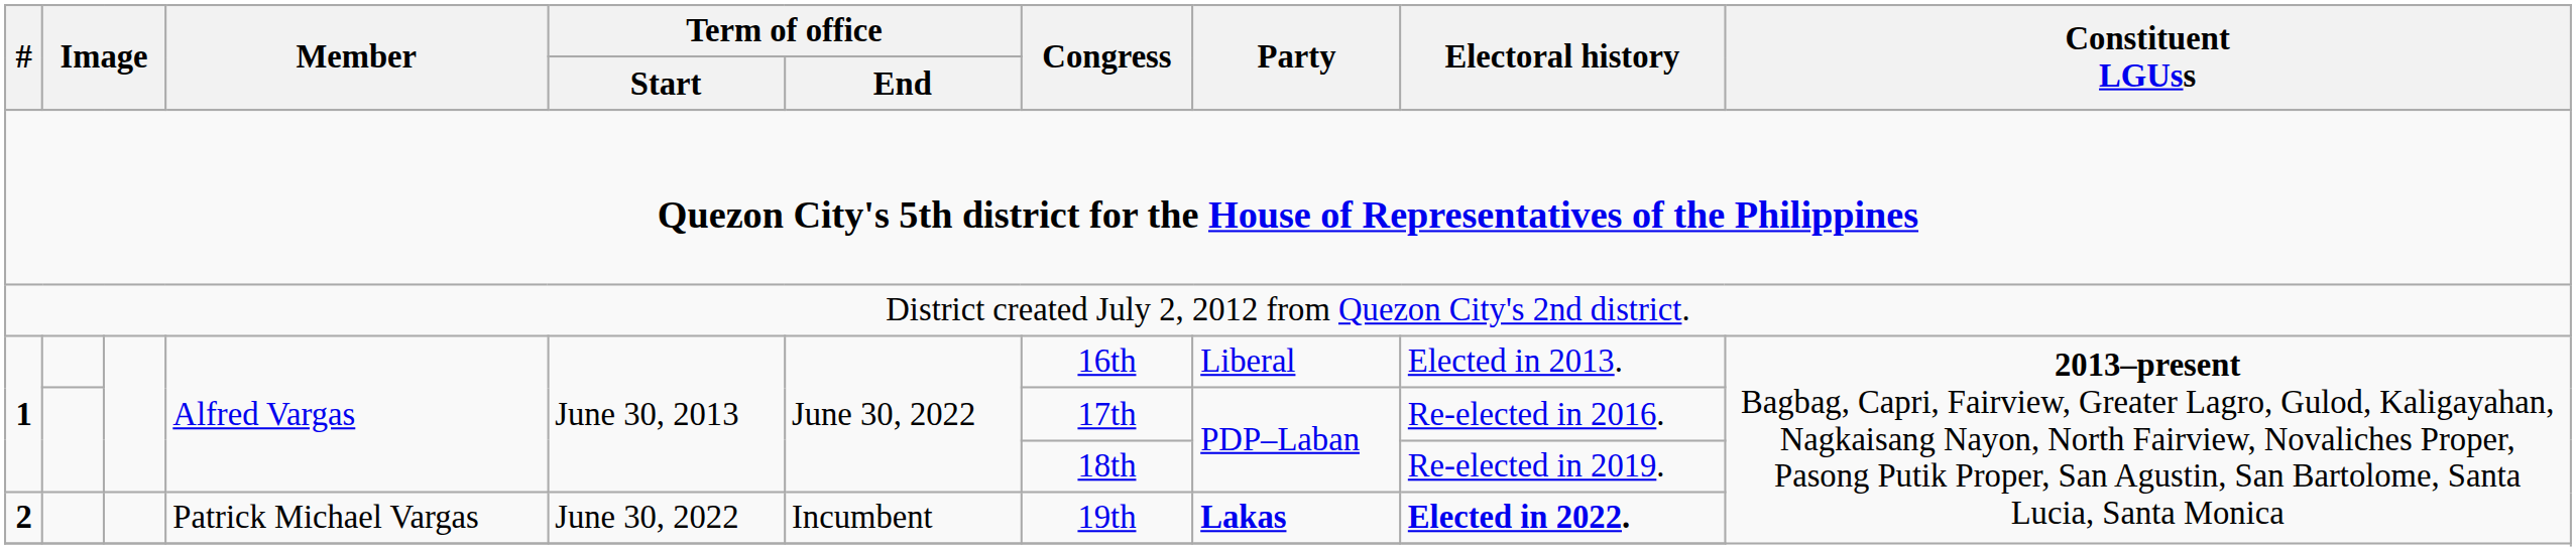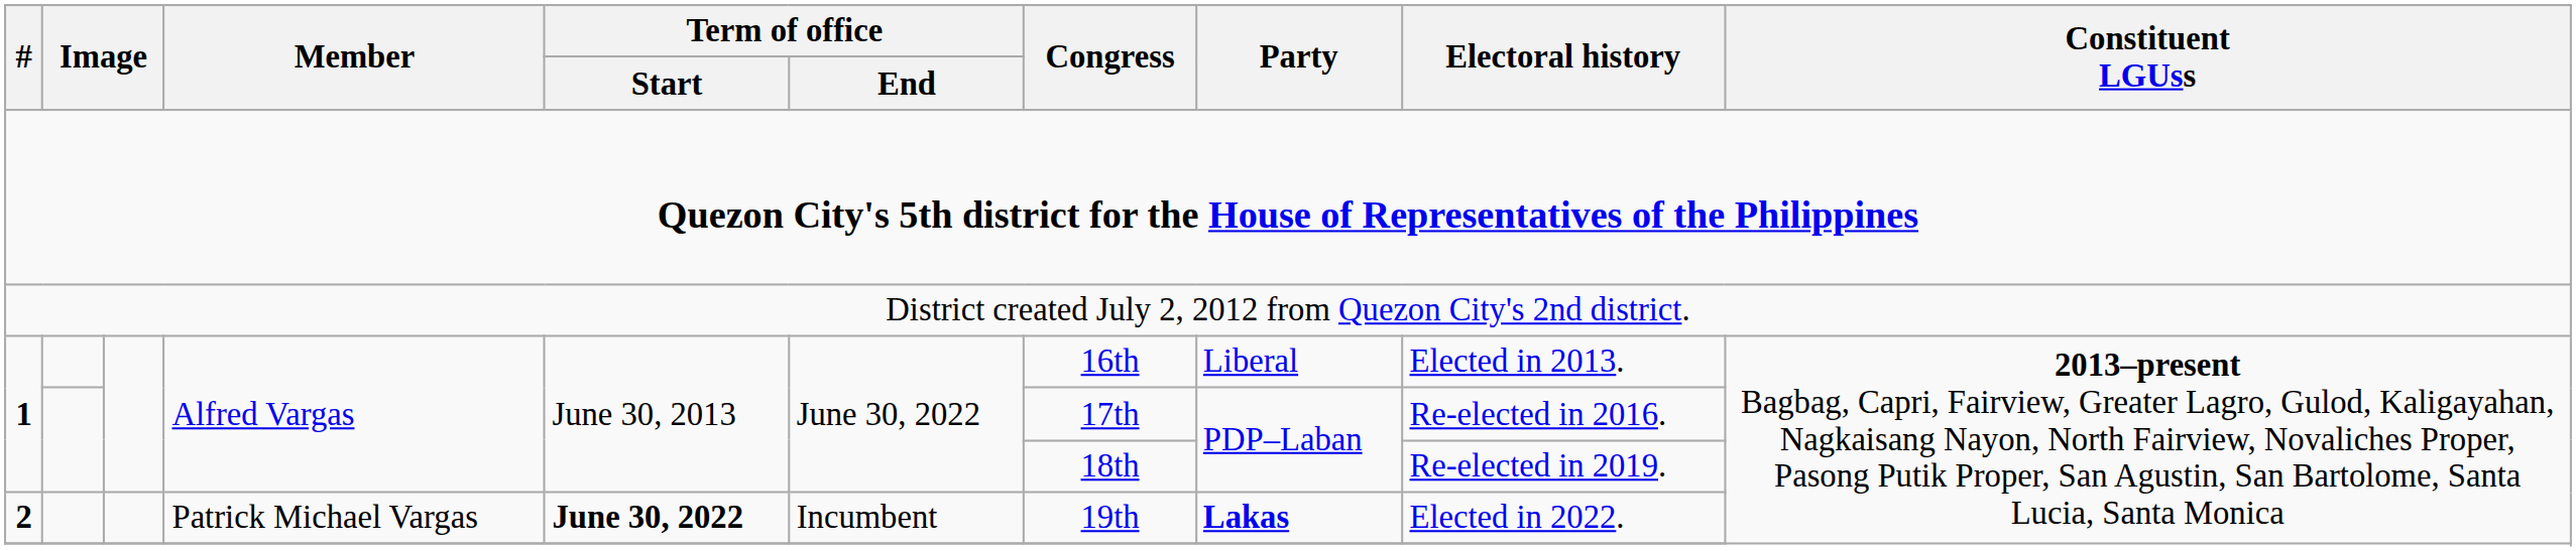 <table class=wikitable>
 <tr>
 <th rowspan="2">#</th>
 <th rowspan="2" colspan=2>Image</th>
 <th rowspan="2">Member</th>
 <th colspan=2>Term of office</th>
 <th rowspan="2">Congress</th>
 <th rowspan="2">Party</th>
 <th rowspan="2">Electoral history</th>
 <th width=33% rowspan="2">Constituent<br><a href='#'>LGUs</a>s</th>
 </tr>
 <tr>
 <th>Start</th>
 <th>End</th>
 </tr>
 <tr>
 <td colspan="10" style="text-align:center;"><br><h3>Quezon City's 5th district for the <a href='#'>House of Representatives of the Philippines</a></h3></td>
 </tr>
 <tr>
 <td colspan="10" style="text-align:center;">District created July 2, 2012 from <a href='#'>Quezon City's 2nd district</a>.</td>
 </tr>
 <tr>
 <td style="text-align:center;" rowspan=3><strong>1</strong></td>
 <td style="color:inherit;background:"></td>
 <td rowspan=3></td>
 <td rowspan=3><a href='#'>Alfred Vargas</a></td>
 <td rowspan=3>June 30, 2013</td>
 <td rowspan=3>June 30, 2022</td>
 <td style="text-align:center;"><a href='#'>16th</a></td>
 <td><a href='#'>Liberal</a></td>
 <td><a href='#'>Elected in 2013</a>.</td>
 <td align=center rowspan="5"><strong>2013–present</strong><br>Bagbag, Capri, Fairview, Greater Lagro, Gulod, Kaligayahan, Nagkaisang Nayon, North Fairview, Novaliches Proper, Pasong Putik Proper, San Agustin, San Bartolome, Santa Lucia, Santa Monica</td>
 </tr>
 <tr>
 <td rowspan=2 style="color:inherit;background:"></td>
 <td style="text-align:center;"><a href='#'>17th</a></td>
 <td rowspan=2><a href='#'>PDP–Laban</a></td>
 <td><a href='#'>Re-elected in 2016</a>.</td>
 </tr>
 <tr>
 <td style="text-align:center;"><a href='#'>18th</a></td>
 <td><a href='#'>Re-elected in 2019</a>.</td>
 </tr>
 <tr>
 <td style="text-align:center;"><strong>2</strong></td>
 <td style="color:inherit;background:"></td>
 <td></td>
 <td>Patrick Michael Vargas</td>
-<td>June 30, 2022</td>
+<td><strong>June 30, 2022</strong></td>
 <td>Incumbent</td>
 <td style="text-align:center;"><a href='#'>19th</a></td>
 <td><strong><a href='#'>Lakas</a></strong></td>
-<td><strong><a href='#'>Elected in 2022</a>.</strong></td>
+<td><a href='#'>Elected in 2022</a>.</td>
 </tr>
 <tr>
 </tr>
 </table>
